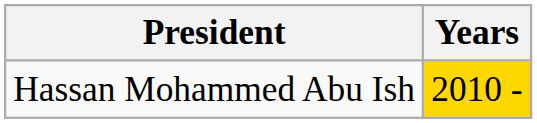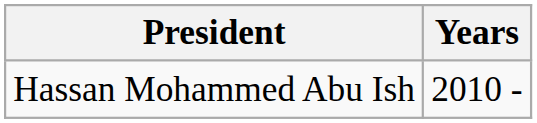 <table class="wikitable">
 <tr>
 <th>President</th>
 <th>Years</th>
 </tr>
 <tr>
 <td> Hassan Mohammed Abu Ish</td>
-<td style="background: gold;">2010 -</td>
+<td>2010 -</td>
 </tr>
 </table>
